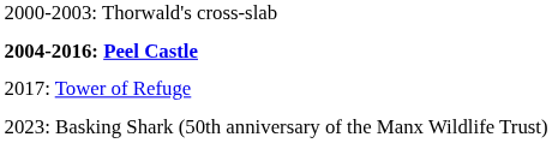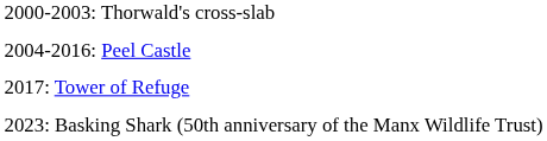 <table cellspacing="10px">
 <tr valign="top">
 <td>2000-2003: Thorwald's cross-slab<br></td>
 </tr>
 <tr valign="top">
-<td><strong>2004-2016: <a href='#'>Peel Castle</a><br></strong></td>
+<td>2004-2016: <a href='#'>Peel Castle</a><br></td>
 </tr>
 <tr valign="top">
 <td>2017: <a href='#'>Tower of Refuge</a></td>
 </tr>
 <tr valign="top">
 <td>2023: Basking Shark (50th anniversary of the Manx Wildlife Trust)</td>
 </tr>
 </table>
